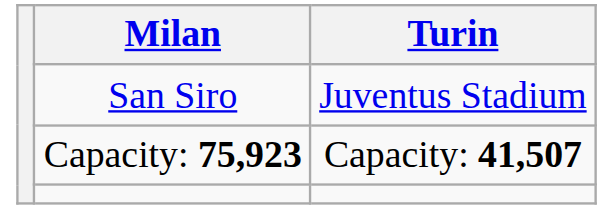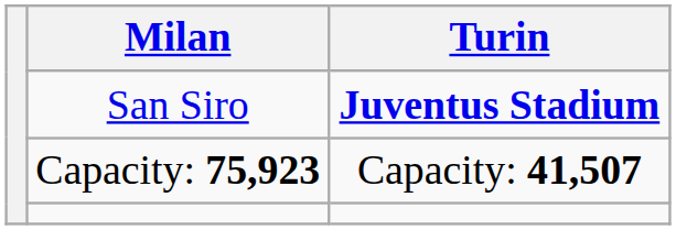 <table class="wikitable" style="text-align:center; margin-left:auto; margin-right:auto; border:none;">
 <tr>
 <th rowspan="4"></th>
 <th><a href='#'>Milan</a></th>
 <th><a href='#'>Turin</a></th>
 </tr>
 <tr>
 <td><a href='#'>San Siro</a></td>
-<td><a href='#'>Juventus Stadium</a></td>
+<td><strong><a href='#'>Juventus Stadium</a></strong></td>
 </tr>
 <tr>
 <td>Capacity: <strong>75,923</strong></td>
 <td>Capacity: <strong>41,507</strong></td>
 </tr>
 <tr>
 <td></td>
 <td></td>
 </tr>
 </table>
